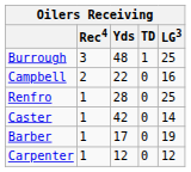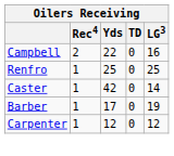 <table class="wikitable">
 <tr>
 <th colspan="5">Oilers Receiving</th>
 </tr>
 <tr>
 <th></th>
 <th>Rec<sup>4</sup></th>
 <th>Yds</th>
 <th>TD</th>
 <th>LG<sup>3</sup></th>
 </tr>
 <tr>
-<td><a href='#'>Burrough</a></td>
-<td>3</td>
-<td>48</td>
-<td>1</td>
-<td>25</td>
-</tr>
-<tr>
 <td><a href='#'>Campbell</a></td>
 <td>2</td>
 <td>22</td>
 <td>0</td>
 <td>16</td>
 </tr>
 <tr>
 <td><a href='#'>Renfro</a></td>
 <td>1</td>
-<td>28</td>
+<td>25</td>
 <td>0</td>
 <td>25</td>
 </tr>
 <tr>
 <td><a href='#'>Caster</a></td>
 <td>1</td>
 <td>42</td>
 <td>0</td>
 <td>14</td>
 </tr>
 <tr>
 <td><a href='#'>Barber</a></td>
 <td>1</td>
 <td>17</td>
 <td>0</td>
 <td>19</td>
 </tr>
 <tr>
 <td><a href='#'>Carpenter</a></td>
 <td>1</td>
 <td>12</td>
 <td>0</td>
 <td>12</td>
 </tr>
 </table>
